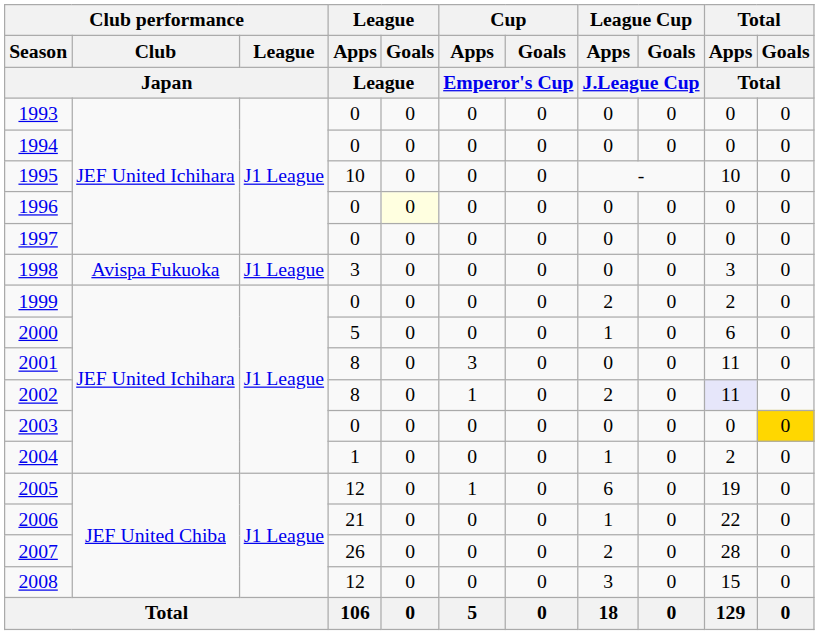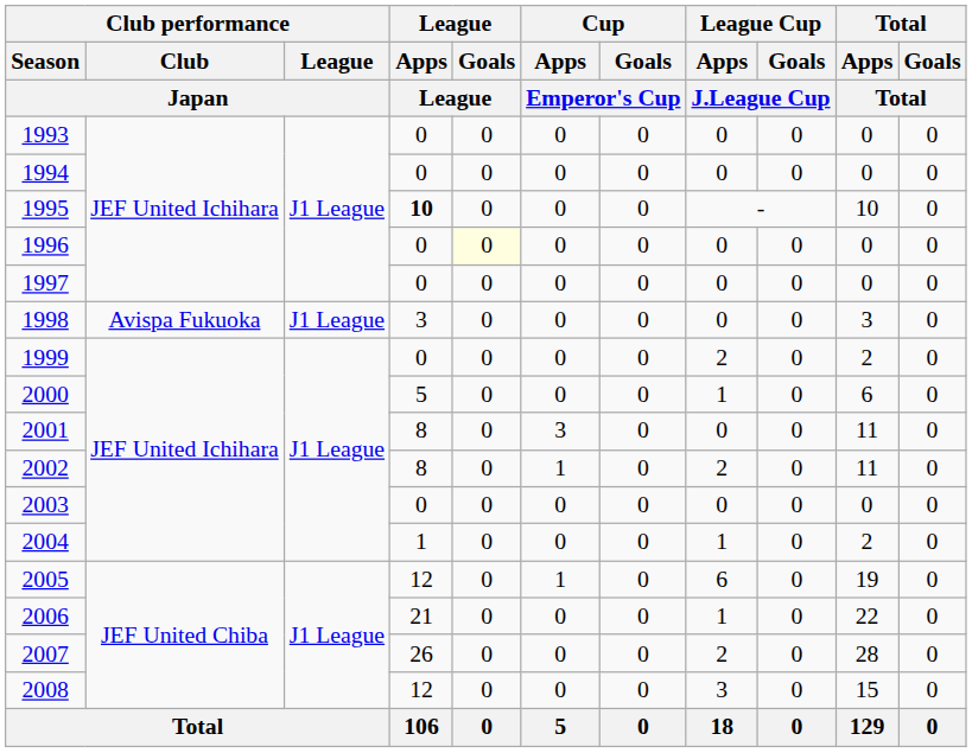 <table class="wikitable" style="text-align:center;">
 <tr>
 <th colspan=3>Club performance</th>
 <th colspan=2>League</th>
 <th colspan=2>Cup</th>
 <th colspan=2>League Cup</th>
 <th colspan=2>Total</th>
 </tr>
 <tr>
 <th>Season</th>
 <th>Club</th>
 <th>League</th>
 <th>Apps</th>
 <th>Goals</th>
 <th>Apps</th>
 <th>Goals</th>
 <th>Apps</th>
 <th>Goals</th>
 <th>Apps</th>
 <th>Goals</th>
 </tr>
 <tr>
 <th colspan=3>Japan</th>
 <th colspan=2>League</th>
 <th colspan=2><a href='#'>Emperor's Cup</a></th>
 <th colspan=2><a href='#'>J.League Cup</a></th>
 <th colspan=2>Total</th>
 </tr>
 <tr>
 <td><a href='#'>1993</a></td>
 <td rowspan="5"><a href='#'>JEF United Ichihara</a></td>
 <td rowspan="5"><a href='#'>J1 League</a></td>
 <td>0</td>
 <td>0</td>
 <td>0</td>
 <td>0</td>
 <td>0</td>
 <td>0</td>
 <td>0</td>
 <td>0</td>
 </tr>
 <tr>
 <td><a href='#'>1994</a></td>
 <td>0</td>
 <td>0</td>
 <td>0</td>
 <td>0</td>
 <td>0</td>
 <td>0</td>
 <td>0</td>
 <td>0</td>
 </tr>
 <tr>
 <td><a href='#'>1995</a></td>
-<td>10</td>
+<td><strong>10</strong></td>
 <td>0</td>
 <td>0</td>
 <td>0</td>
 <td colspan="2">-</td>
 <td>10</td>
 <td>0</td>
 </tr>
 <tr>
 <td><a href='#'>1996</a></td>
 <td>0</td>
 <td style="background: lightyellow;">0</td>
 <td>0</td>
 <td>0</td>
 <td>0</td>
 <td>0</td>
 <td>0</td>
 <td>0</td>
 </tr>
 <tr>
 <td><a href='#'>1997</a></td>
 <td>0</td>
 <td>0</td>
 <td>0</td>
 <td>0</td>
 <td>0</td>
 <td>0</td>
 <td>0</td>
 <td>0</td>
 </tr>
 <tr>
 <td><a href='#'>1998</a></td>
 <td><a href='#'>Avispa Fukuoka</a></td>
 <td><a href='#'>J1 League</a></td>
 <td>3</td>
 <td>0</td>
 <td>0</td>
 <td>0</td>
 <td>0</td>
 <td>0</td>
 <td>3</td>
 <td>0</td>
 </tr>
 <tr>
 <td><a href='#'>1999</a></td>
 <td rowspan="6"><a href='#'>JEF United Ichihara</a></td>
 <td rowspan="6"><a href='#'>J1 League</a></td>
 <td>0</td>
 <td>0</td>
 <td>0</td>
 <td>0</td>
 <td>2</td>
 <td>0</td>
 <td>2</td>
 <td>0</td>
 </tr>
 <tr>
 <td><a href='#'>2000</a></td>
 <td>5</td>
 <td>0</td>
 <td>0</td>
 <td>0</td>
 <td>1</td>
 <td>0</td>
 <td>6</td>
 <td>0</td>
 </tr>
 <tr>
 <td><a href='#'>2001</a></td>
 <td>8</td>
 <td>0</td>
 <td>3</td>
 <td>0</td>
 <td>0</td>
 <td>0</td>
 <td>11</td>
 <td>0</td>
 </tr>
 <tr>
 <td><a href='#'>2002</a></td>
 <td>8</td>
 <td>0</td>
 <td>1</td>
 <td>0</td>
 <td>2</td>
 <td>0</td>
-<td style="background: lavender;">11</td>
+<td>11</td>
 <td>0</td>
 </tr>
 <tr>
 <td><a href='#'>2003</a></td>
 <td>0</td>
 <td>0</td>
 <td>0</td>
 <td>0</td>
 <td>0</td>
 <td>0</td>
 <td>0</td>
-<td style="background: gold;">0</td>
+<td>0</td>
 </tr>
 <tr>
 <td><a href='#'>2004</a></td>
 <td>1</td>
 <td>0</td>
 <td>0</td>
 <td>0</td>
 <td>1</td>
 <td>0</td>
 <td>2</td>
 <td>0</td>
 </tr>
 <tr>
 <td><a href='#'>2005</a></td>
 <td rowspan="4"><a href='#'>JEF United Chiba</a></td>
 <td rowspan="4"><a href='#'>J1 League</a></td>
 <td>12</td>
 <td>0</td>
 <td>1</td>
 <td>0</td>
 <td>6</td>
 <td>0</td>
 <td>19</td>
 <td>0</td>
 </tr>
 <tr>
 <td><a href='#'>2006</a></td>
 <td>21</td>
 <td>0</td>
 <td>0</td>
 <td>0</td>
 <td>1</td>
 <td>0</td>
 <td>22</td>
 <td>0</td>
 </tr>
 <tr>
 <td><a href='#'>2007</a></td>
 <td>26</td>
 <td>0</td>
 <td>0</td>
 <td>0</td>
 <td>2</td>
 <td>0</td>
 <td>28</td>
 <td>0</td>
 </tr>
 <tr>
 <td><a href='#'>2008</a></td>
 <td>12</td>
 <td>0</td>
 <td>0</td>
 <td>0</td>
 <td>3</td>
 <td>0</td>
 <td>15</td>
 <td>0</td>
 </tr>
 <tr>
 <th colspan=3>Total</th>
 <th>106</th>
 <th>0</th>
 <th>5</th>
 <th>0</th>
 <th>18</th>
 <th>0</th>
 <th>129</th>
 <th>0</th>
 </tr>
 </table>
